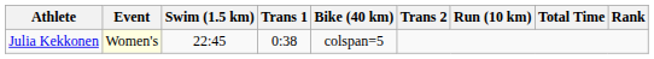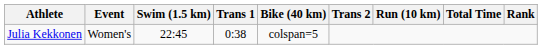 <table class="wikitable" style="font-size:90%">
 <tr>
 <th>Athlete</th>
 <th>Event</th>
 <th>Swim (1.5 km)</th>
 <th>Trans 1</th>
 <th>Bike (40 km)</th>
 <th>Trans 2</th>
 <th>Run (10 km)</th>
 <th>Total Time</th>
 <th>Rank</th>
 </tr>
 <tr align=center>
 <td align=left><a href='#'>Julia Kekkonen</a></td>
-<td align=left style="background: lightyellow;">Women's</td>
+<td align=left>Women's</td>
 <td>22:45</td>
 <td>0:38</td>
 <td>colspan=5 </td>
 </tr>
 </table>
